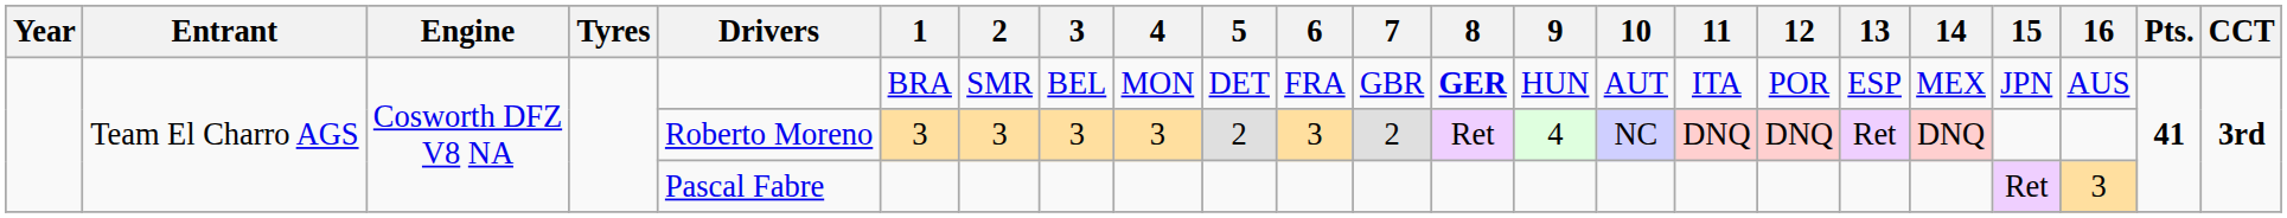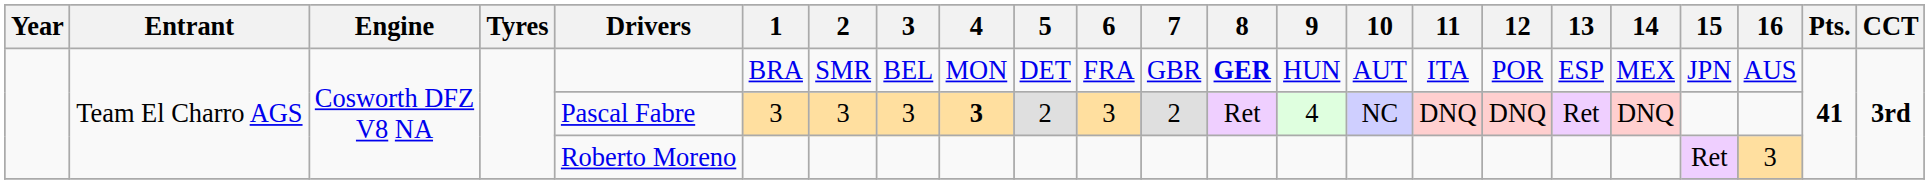 <table class="wikitable" style="text-align:center; font-size:95%">
 <tr>
 <th>Year</th>
 <th>Entrant</th>
 <th>Engine</th>
 <th>Tyres</th>
 <th>Drivers</th>
 <th>1</th>
 <th>2</th>
 <th>3</th>
 <th>4</th>
 <th>5</th>
 <th>6</th>
 <th>7</th>
 <th>8</th>
 <th>9</th>
 <th>10</th>
 <th>11</th>
 <th>12</th>
 <th>13</th>
 <th>14</th>
 <th>15</th>
 <th>16</th>
 <th>Pts.</th>
 <th>CCT</th>
 </tr>
 <tr>
 <td rowspan="3"></td>
 <td rowspan="3">Team El Charro <a href='#'>AGS</a></td>
 <td rowspan="3"><a href='#'>Cosworth DFZ</a><br><a href='#'>V8</a> <a href='#'>NA</a></td>
 <td rowspan="3"></td>
 <td></td>
 <td><a href='#'>BRA</a></td>
 <td><a href='#'>SMR</a></td>
 <td><a href='#'>BEL</a></td>
 <td><a href='#'>MON</a></td>
 <td><a href='#'>DET</a></td>
 <td><a href='#'>FRA</a></td>
 <td><a href='#'>GBR</a></td>
 <td><strong><a href='#'>GER</a></strong></td>
 <td><a href='#'>HUN</a></td>
 <td><a href='#'>AUT</a></td>
 <td><a href='#'>ITA</a></td>
 <td><a href='#'>POR</a></td>
 <td><a href='#'>ESP</a></td>
 <td><a href='#'>MEX</a></td>
 <td><a href='#'>JPN</a></td>
 <td><a href='#'>AUS</a></td>
 <td rowspan="3"><strong>41</strong></td>
 <td rowspan="3"><strong>3rd</strong></td>
 </tr>
 <tr>
-<td align="left"><a href='#'>Roberto Moreno</a></td>
+<td align="left"><a href='#'>Pascal Fabre</a></td>
 <td style="background:#ffdf9f;">3</td>
 <td style="background:#ffdf9f;">3</td>
 <td style="background:#ffdf9f;">3</td>
-<td style="background:#ffdf9f;">3</td>
+<td style="background:#ffdf9f;"><strong>3</strong></td>
 <td style="background:#dfdfdf;">2</td>
 <td style="background:#ffdf9f;">3</td>
 <td style="background:#dfdfdf;">2</td>
 <td style="background:#efcfff;">Ret</td>
 <td style="background:#dfffdf;">4</td>
 <td style="background:#cfcfff;">NC</td>
 <td style="background:#ffcfcf;">DNQ</td>
 <td style="background:#ffcfcf;">DNQ</td>
 <td style="background:#efcfff;">Ret</td>
 <td style="background:#ffcfcf;">DNQ</td>
 <td></td>
 <td></td>
 </tr>
 <tr>
-<td align="left"><a href='#'>Pascal Fabre</a></td>
+<td align="left"><a href='#'>Roberto Moreno</a></td>
 <td></td>
 <td></td>
 <td></td>
 <td></td>
 <td></td>
 <td></td>
 <td></td>
 <td></td>
 <td></td>
 <td></td>
 <td></td>
 <td></td>
 <td></td>
 <td></td>
 <td style="background:#efcfff;">Ret</td>
 <td style="background:#ffdf9f;">3</td>
 </tr>
 </table>
